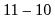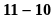 <table style="text-align:center">
 <tr>
 <th width=200></th>
 <th width=100></th>
 <th width=200></th>
 </tr>
 <tr>
 <td align=right><strong></strong></td>
-<td>11 – 10</td>
+<td><strong>11 – 10</strong></td>
 <td align=left></td>
 </tr>
 </table>
